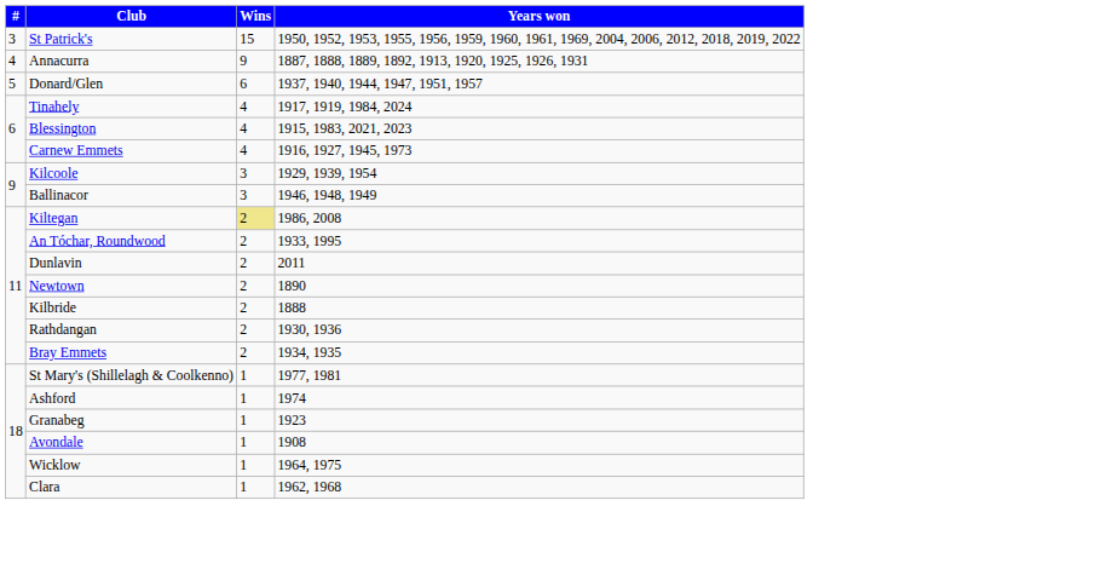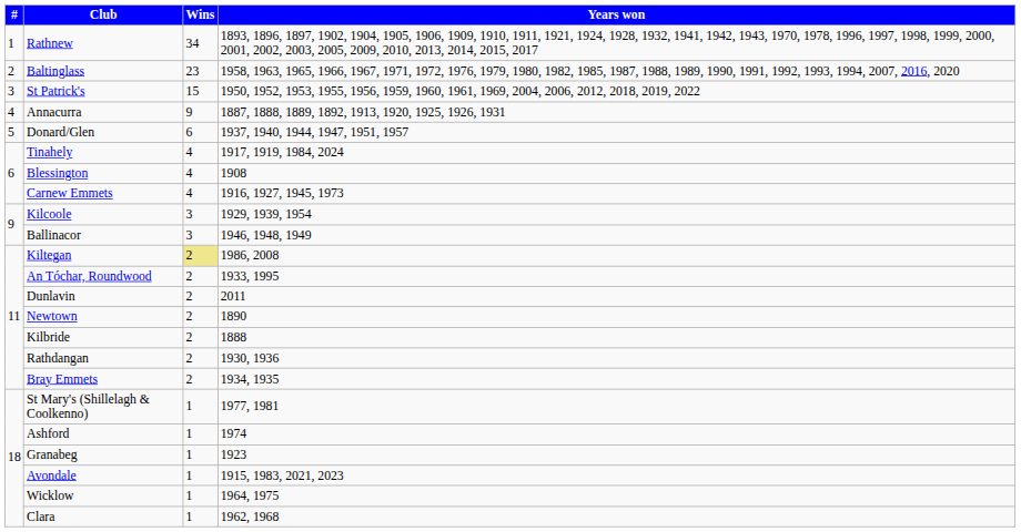 <table class="wikitable">
 <tr>
 <th style="background:blue;color:white;">#</th>
 <th style="background:blue;color:white;">Club</th>
 <th style="background:blue;color:white;">Wins</th>
 <th style="background:blue;color:white;">Years won</th>
+</tr>
+<tr>
+<td>1</td>
+<td><a href='#'>Rathnew</a></td>
+<td>34</td>
+<td>1893, 1896, 1897, 1902, 1904, 1905, 1906, 1909, 1910, 1911, 1921, 1924, 1928, 1932, 1941, 1942, 1943, 1970, 1978, 1996, 1997, 1998, 1999, 2000, 2001, 2002, 2003, 2005, 2009, 2010, 2013, 2014, 2015, 2017</td>
+</tr>
+<tr>
+<td>2</td>
+<td><a href='#'>Baltinglass</a></td>
+<td>23</td>
+<td>1958, 1963, 1965, 1966, 1967, 1971, 1972, 1976, 1979, 1980, 1982, 1985, 1987, 1988, 1989, 1990, 1991, 1992, 1993, 1994, 2007, <a href='#'>2016</a>, 2020</td>
 </tr>
 <tr>
 <td>3</td>
 <td><a href='#'>St Patrick's</a></td>
 <td>15</td>
 <td>1950, 1952, 1953, 1955, 1956, 1959, 1960, 1961, 1969, 2004, 2006, 2012, 2018, 2019, 2022</td>
 </tr>
 <tr>
 <td>4</td>
 <td>Annacurra</td>
 <td>9</td>
 <td>1887, 1888, 1889, 1892, 1913, 1920, 1925, 1926, 1931</td>
 </tr>
 <tr>
 <td>5</td>
 <td>Donard/Glen</td>
 <td>6</td>
 <td>1937, 1940, 1944, 1947, 1951, 1957</td>
 </tr>
 <tr>
 <td rowspan="3">6</td>
 <td><a href='#'>Tinahely</a></td>
 <td>4</td>
 <td>1917, 1919, 1984, 2024</td>
 </tr>
 <tr>
 <td><a href='#'>Blessington</a></td>
 <td>4</td>
-<td>1915, 1983, 2021, 2023</td>
+<td>1908</td>
 </tr>
 <tr>
 <td><a href='#'>Carnew Emmets</a></td>
 <td>4</td>
 <td>1916, 1927, 1945, 1973</td>
 </tr>
 <tr>
 <td rowspan="2">9</td>
 <td><a href='#'>Kilcoole</a></td>
 <td>3</td>
 <td>1929, 1939, 1954</td>
 </tr>
 <tr>
 <td>Ballinacor</td>
 <td>3</td>
 <td>1946, 1948, 1949</td>
 </tr>
 <tr>
 <td rowspan="7">11</td>
 <td><a href='#'>Kiltegan</a></td>
 <td style="background: khaki;">2</td>
 <td>1986, 2008</td>
 </tr>
 <tr>
 <td><a href='#'>An Tóchar, Roundwood</a></td>
 <td>2</td>
 <td>1933, 1995</td>
 </tr>
 <tr>
 <td>Dunlavin</td>
 <td>2</td>
 <td>2011</td>
 </tr>
 <tr>
 <td><a href='#'>Newtown</a></td>
 <td>2</td>
 <td>1890</td>
 </tr>
 <tr>
 <td>Kilbride</td>
 <td>2</td>
 <td>1888</td>
 </tr>
 <tr>
 <td>Rathdangan</td>
 <td>2</td>
 <td>1930, 1936</td>
 </tr>
 <tr>
 <td><a href='#'>Bray Emmets</a></td>
 <td>2</td>
 <td>1934, 1935</td>
 </tr>
 <tr>
 <td rowspan="6">18</td>
 <td>St Mary's (Shillelagh & Coolkenno)</td>
 <td>1</td>
 <td>1977, 1981</td>
 </tr>
 <tr>
 <td>Ashford</td>
 <td>1</td>
 <td>1974</td>
 </tr>
 <tr>
 <td>Granabeg</td>
 <td>1</td>
 <td>1923</td>
 </tr>
 <tr>
 <td><a href='#'>Avondale</a></td>
 <td>1</td>
-<td>1908</td>
+<td>1915, 1983, 2021, 2023</td>
 </tr>
 <tr>
 <td>Wicklow</td>
 <td>1</td>
 <td>1964, 1975</td>
 </tr>
 <tr>
 <td>Clara</td>
 <td>1</td>
 <td>1962, 1968</td>
 </tr>
 </table>
